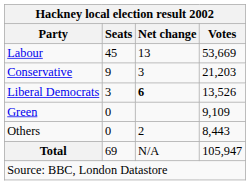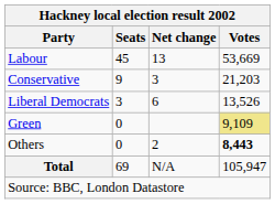 <table class="wikitable">
 <tr>
 <th colspan="4">Hackney local election result 2002</th>
 </tr>
 <tr>
 <th>Party</th>
 <th>Seats</th>
 <th>Net change</th>
 <th>Votes</th>
 </tr>
 <tr>
 <td><a href='#'>Labour</a></td>
 <td>45</td>
 <td>13</td>
 <td>53,669</td>
 </tr>
 <tr>
 <td><a href='#'>Conservative</a></td>
 <td>9</td>
 <td>3</td>
 <td>21,203</td>
 </tr>
 <tr>
 <td><a href='#'>Liberal Democrats</a></td>
 <td>3</td>
-<td><strong>6</strong></td>
+<td>6</td>
 <td>13,526</td>
 </tr>
 <tr>
 <td><a href='#'>Green</a></td>
 <td>0</td>
 <td></td>
-<td>9,109</td>
+<td style="background: khaki;">9,109</td>
 </tr>
 <tr>
 <td>Others</td>
 <td>0</td>
 <td>2</td>
-<td>8,443</td>
+<td><strong>8,443</strong></td>
 </tr>
 <tr>
 <th>Total</th>
 <td>69</td>
 <td>N/A</td>
 <td>105,947</td>
 </tr>
 <tr>
 <td colspan="4">Source: BBC, London Datastore</td>
 </tr>
 </table>
